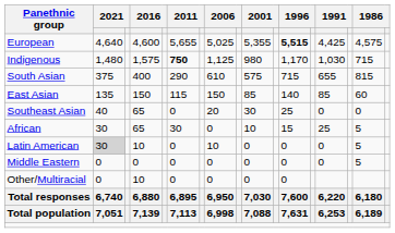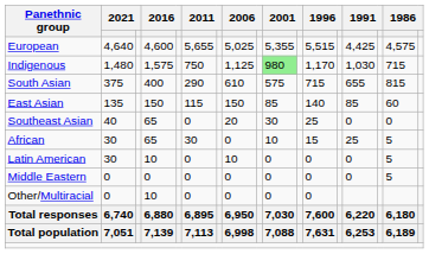 <table class="wikitable collapsible sortable">
 <tr>
 <th rowspan="2"><a href='#'>Panethnic</a><br>group</th>
 <th colspan="2">2021</th>
 <th colspan="2">2016</th>
 <th colspan="2">2011</th>
 <th colspan="2">2006</th>
 <th colspan="2">2001</th>
 <th colspan="2">1996</th>
 <th colspan="2">1991</th>
 <th colspan="2">1986</th>
 </tr>
 <tr>
 <th><a href='#'></a></th>
 <th></th>
 <th></th>
 <th></th>
 <th></th>
 <th></th>
 <th></th>
 <th></th>
 <th></th>
 <th></th>
 <th></th>
 <th></th>
 <th></th>
 <th></th>
 <th></th>
 <th></th>
 </tr>
 <tr>
 <td><a href='#'>European</a></td>
 <td>4,640</td>
 <td></td>
 <td>4,600</td>
 <td></td>
 <td>5,655</td>
 <td></td>
 <td>5,025</td>
 <td></td>
 <td>5,355</td>
 <td></td>
-<td><strong>5,515</strong></td>
+<td>5,515</td>
 <td></td>
 <td>4,425</td>
 <td></td>
 <td>4,575</td>
 <td></td>
 </tr>
 <tr>
 <td><a href='#'>Indigenous</a></td>
 <td>1,480</td>
 <td></td>
 <td>1,575</td>
 <td></td>
-<td><strong>750</strong></td>
+<td>750</td>
 <td></td>
 <td>1,125</td>
 <td></td>
-<td>980</td>
+<td style="background: lightgreen;">980</td>
 <td></td>
 <td>1,170</td>
 <td></td>
 <td>1,030</td>
 <td></td>
 <td>715</td>
 <td></td>
 </tr>
 <tr>
 <td><a href='#'>South Asian</a></td>
 <td>375</td>
 <td></td>
 <td>400</td>
 <td></td>
 <td>290</td>
 <td></td>
 <td>610</td>
 <td></td>
 <td>575</td>
 <td></td>
 <td>715</td>
 <td></td>
 <td>655</td>
 <td></td>
 <td>815</td>
 <td></td>
 </tr>
 <tr>
 <td><a href='#'>East Asian</a></td>
 <td>135</td>
 <td></td>
 <td>150</td>
 <td></td>
 <td>115</td>
 <td></td>
 <td>150</td>
 <td></td>
 <td>85</td>
 <td></td>
 <td>140</td>
 <td></td>
 <td>85</td>
 <td></td>
 <td>60</td>
 <td></td>
 </tr>
 <tr>
 <td><a href='#'>Southeast Asian</a></td>
 <td>40</td>
 <td></td>
 <td>65</td>
 <td></td>
 <td>0</td>
 <td></td>
 <td>20</td>
 <td></td>
 <td>30</td>
 <td></td>
 <td>25</td>
 <td></td>
 <td>0</td>
 <td></td>
 <td>0</td>
 <td></td>
 </tr>
 <tr>
 <td><a href='#'>African</a></td>
 <td>30</td>
 <td></td>
 <td>65</td>
 <td></td>
 <td>30</td>
 <td></td>
 <td>0</td>
 <td></td>
 <td>10</td>
 <td></td>
 <td>15</td>
 <td></td>
 <td>25</td>
 <td></td>
 <td>5</td>
 <td></td>
 </tr>
 <tr>
 <td><a href='#'>Latin American</a></td>
-<td style="background: lightgrey;">30</td>
+<td>30</td>
 <td></td>
 <td>10</td>
 <td></td>
 <td>0</td>
 <td></td>
 <td>10</td>
 <td></td>
 <td>0</td>
 <td></td>
 <td>0</td>
 <td></td>
 <td>0</td>
 <td></td>
 <td>5</td>
 <td></td>
 </tr>
 <tr>
 <td><a href='#'>Middle Eastern</a></td>
 <td>0</td>
 <td></td>
 <td>0</td>
 <td></td>
 <td>0</td>
 <td></td>
 <td>0</td>
 <td></td>
 <td>0</td>
 <td></td>
 <td>0</td>
 <td></td>
 <td>0</td>
 <td></td>
 <td>5</td>
 <td></td>
 </tr>
 <tr>
 <td>Other/<a href='#'>Multiracial</a></td>
 <td>0</td>
 <td></td>
 <td>10</td>
 <td></td>
 <td>0</td>
 <td></td>
 <td>0</td>
 <td></td>
 <td>0</td>
 <td></td>
 <td>0</td>
 <td></td>
 <td></td>
 <td></td>
 <td></td>
 <td></td>
 </tr>
 <tr>
 <th>Total responses</th>
 <th>6,740</th>
 <th></th>
 <th>6,880</th>
 <th></th>
 <th>6,895</th>
 <th></th>
 <th>6,950</th>
 <th></th>
 <th>7,030</th>
 <th></th>
 <th>7,600</th>
 <th></th>
 <th>6,220</th>
 <th></th>
 <th>6,180</th>
 <th></th>
 </tr>
 <tr>
 <th>Total population</th>
 <th>7,051</th>
 <th></th>
 <th>7,139</th>
 <th></th>
 <th>7,113</th>
 <th></th>
 <th>6,998</th>
 <th></th>
 <th>7,088</th>
 <th></th>
 <th>7,631</th>
 <th></th>
 <th>6,253</th>
 <th></th>
 <th>6,189</th>
 <th></th>
 </tr>
 <tr class="sortbottom">
 <td colspan="20"></td>
 </tr>
 </table>
